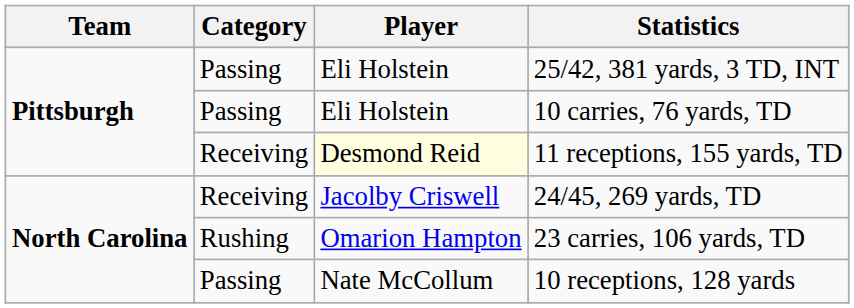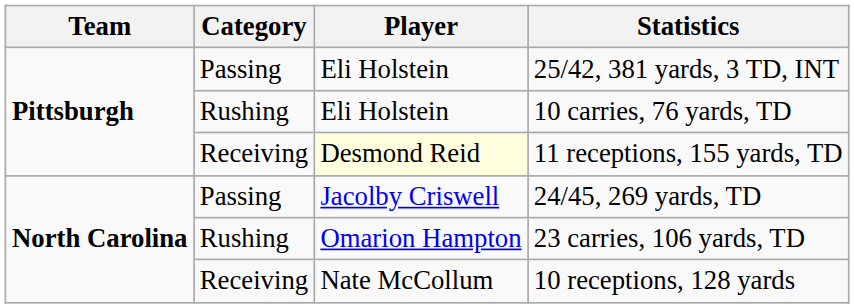 <table class="wikitable" style="float: right;">
 <tr>
 <th>Team</th>
 <th>Category</th>
 <th>Player</th>
 <th>Statistics</th>
 </tr>
 <tr>
 <td rowspan=3><strong>Pittsburgh</strong></td>
 <td>Passing</td>
 <td>Eli Holstein</td>
 <td>25/42, 381 yards, 3 TD, INT</td>
 </tr>
 <tr>
-<td>Passing</td>
+<td>Rushing</td>
 <td>Eli Holstein</td>
 <td>10 carries, 76 yards, TD</td>
 </tr>
 <tr>
 <td>Receiving</td>
 <td style="background: lightyellow;">Desmond Reid</td>
 <td>11 receptions, 155 yards, TD</td>
 </tr>
 <tr>
 <td rowspan=3><strong>North Carolina</strong></td>
-<td>Receiving</td>
+<td>Passing</td>
 <td><a href='#'>Jacolby Criswell</a></td>
 <td>24/45, 269 yards, TD</td>
 </tr>
 <tr>
 <td>Rushing</td>
 <td><a href='#'>Omarion Hampton</a></td>
 <td>23 carries, 106 yards, TD</td>
 </tr>
 <tr>
-<td>Passing</td>
+<td>Receiving</td>
 <td>Nate McCollum</td>
 <td>10 receptions, 128 yards</td>
 </tr>
 </table>
